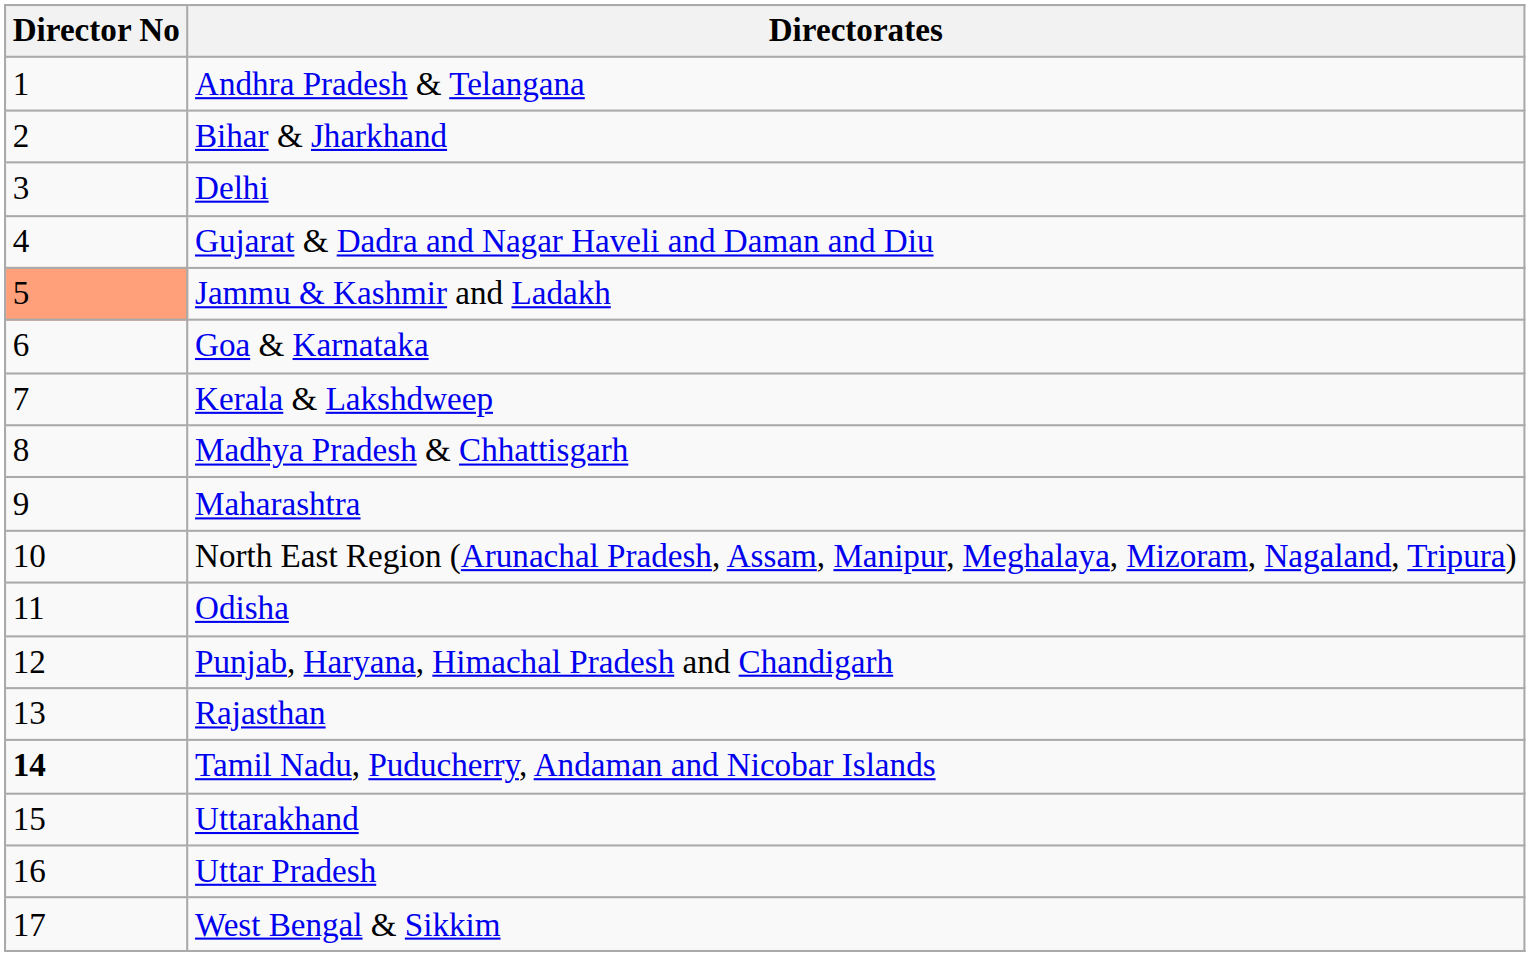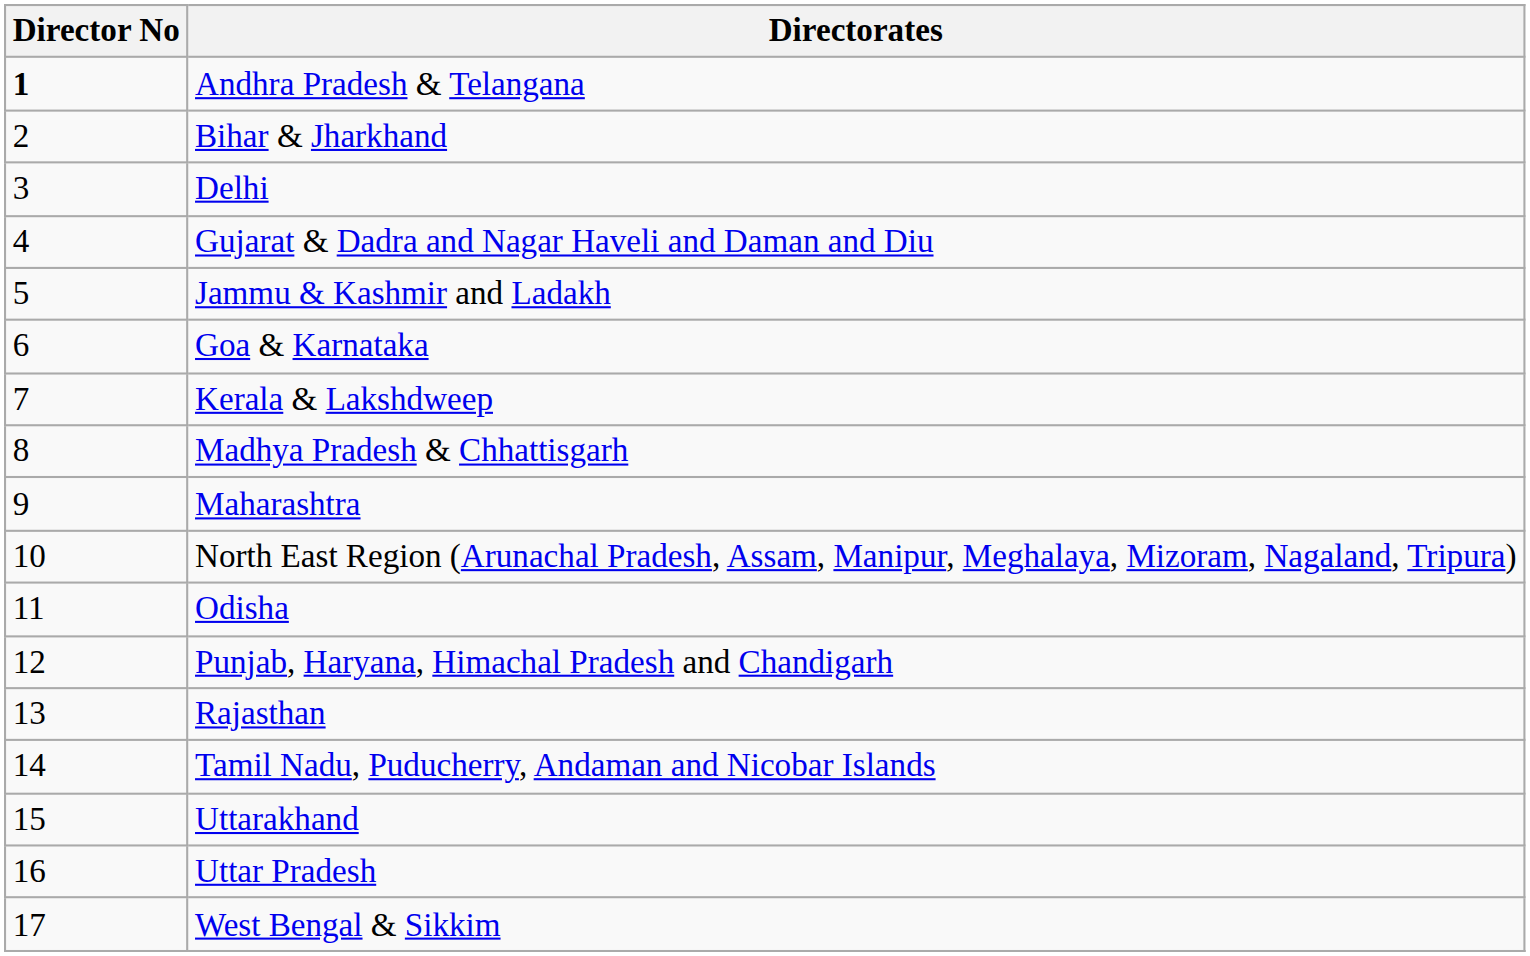 <table class="wikitable">
 <tr>
 <th>Director No</th>
 <th>Directorates</th>
 </tr>
 <tr>
-<td>1</td>
+<td><strong>1</strong></td>
 <td><a href='#'>Andhra Pradesh</a> & <a href='#'>Telangana</a></td>
 </tr>
 <tr>
 <td>2</td>
 <td><a href='#'>Bihar</a> & <a href='#'>Jharkhand</a></td>
 </tr>
 <tr>
 <td>3</td>
 <td><a href='#'>Delhi</a></td>
 </tr>
 <tr>
 <td>4</td>
 <td><a href='#'>Gujarat</a> & <a href='#'>Dadra and Nagar Haveli and Daman and Diu</a></td>
 </tr>
 <tr>
-<td style="background: lightsalmon;">5</td>
+<td>5</td>
 <td><a href='#'>Jammu & Kashmir</a> and <a href='#'>Ladakh</a></td>
 </tr>
 <tr>
 <td>6</td>
 <td><a href='#'>Goa</a> & <a href='#'>Karnataka</a></td>
 </tr>
 <tr>
 <td>7</td>
 <td><a href='#'>Kerala</a> & <a href='#'>Lakshdweep</a></td>
 </tr>
 <tr>
 <td>8</td>
 <td><a href='#'>Madhya Pradesh</a> & <a href='#'>Chhattisgarh</a></td>
 </tr>
 <tr>
 <td>9</td>
 <td><a href='#'>Maharashtra</a></td>
 </tr>
 <tr>
 <td>10</td>
 <td>North East Region (<a href='#'>Arunachal Pradesh</a>, <a href='#'>Assam</a>, <a href='#'>Manipur</a>, <a href='#'>Meghalaya</a>, <a href='#'>Mizoram</a>, <a href='#'>Nagaland</a>, <a href='#'>Tripura</a>)</td>
 </tr>
 <tr>
 <td>11</td>
 <td><a href='#'>Odisha</a></td>
 </tr>
 <tr>
 <td>12</td>
 <td><a href='#'>Punjab</a>, <a href='#'>Haryana</a>, <a href='#'>Himachal Pradesh</a> and <a href='#'>Chandigarh</a></td>
 </tr>
 <tr>
 <td>13</td>
 <td><a href='#'>Rajasthan</a></td>
 </tr>
 <tr>
-<td><strong>14</strong></td>
+<td>14</td>
 <td><a href='#'>Tamil Nadu</a>, <a href='#'>Puducherry</a>, <a href='#'>Andaman and Nicobar Islands</a></td>
 </tr>
 <tr>
 <td>15</td>
 <td><a href='#'>Uttarakhand</a></td>
 </tr>
 <tr I'm>
 <td>16</td>
 <td><a href='#'>Uttar Pradesh</a></td>
 </tr>
 <tr>
 <td>17</td>
 <td><a href='#'>West Bengal</a> & <a href='#'>Sikkim</a></td>
 </tr>
 <tr>
 </tr>
 </table>
